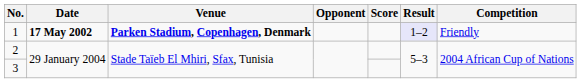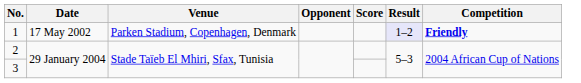 <table class="wikitable sortable">
 <tr>
 <th scope="col">No.</th>
 <th scope="col">Date</th>
 <th scope="col">Venue</th>
 <th scope="col">Opponent</th>
 <th scope="col">Score</th>
 <th scope="col">Result</th>
 <th scope="col">Competition</th>
 </tr>
 <tr>
 <td style="text-align:center">1</td>
-<td><strong>17 May 2002</strong></td>
-<td><strong><a href='#'>Parken Stadium</a>, <a href='#'>Copenhagen</a>, Denmark</strong></td>
+<td>17 May 2002</td>
+<td><a href='#'>Parken Stadium</a>, <a href='#'>Copenhagen</a>, Denmark</td>
 <td></td>
 <td></td>
 <td style="background: lavender; text-align:center">1–2</td>
-<td><a href='#'>Friendly</a></td>
+<td><strong><a href='#'>Friendly</a></strong></td>
 </tr>
 <tr>
 <td style="text-align:center">2</td>
 <td rowspan="2">29 January 2004</td>
 <td rowspan="2"><a href='#'>Stade Taïeb El Mhiri</a>, <a href='#'>Sfax</a>, Tunisia</td>
 <td rowspan="2"></td>
 <td></td>
 <td rowspan="2" style="text-align:center">5–3</td>
 <td rowspan="2"><a href='#'>2004 African Cup of Nations</a></td>
 </tr>
 <tr>
 <td style="text-align:center">3</td>
 <td></td>
 </tr>
 </table>
